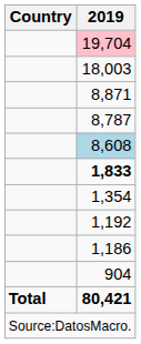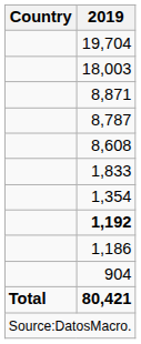 <table class="sortable wikitable">
 <tr>
 <th>Country</th>
 <th>2019</th>
 </tr>
 <tr>
 <td></td>
-<td align=right style="background: pink;">19,704</td>
+<td align=right>19,704</td>
 </tr>
 <tr>
 <td></td>
 <td align=right>18,003</td>
 </tr>
 <tr>
 <td></td>
 <td align=right>8,871</td>
 </tr>
 <tr>
 <td></td>
 <td align=right>8,787</td>
 </tr>
 <tr>
 <td></td>
-<td align=right style="background: lightblue;">8,608</td>
+<td align=right>8,608</td>
 </tr>
 <tr>
 <td></td>
-<td align=right><strong>1,833</strong></td>
+<td align=right>1,833</td>
 </tr>
 <tr>
 <td></td>
 <td align=right>1,354</td>
 </tr>
 <tr>
 <td></td>
-<td align=right>1,192</td>
+<td align=right><strong>1,192</strong></td>
 </tr>
 <tr>
 <td></td>
 <td align=right>1,186</td>
 </tr>
 <tr>
 <td></td>
 <td align=right>904</td>
 </tr>
 <tr>
 <td><strong>Total</strong></td>
 <td align=right><strong>80,421</strong></td>
 </tr>
 <tr>
 <td colspan="5"><small>Source:DatosMacro.</small></td>
 </tr>
 </table>
